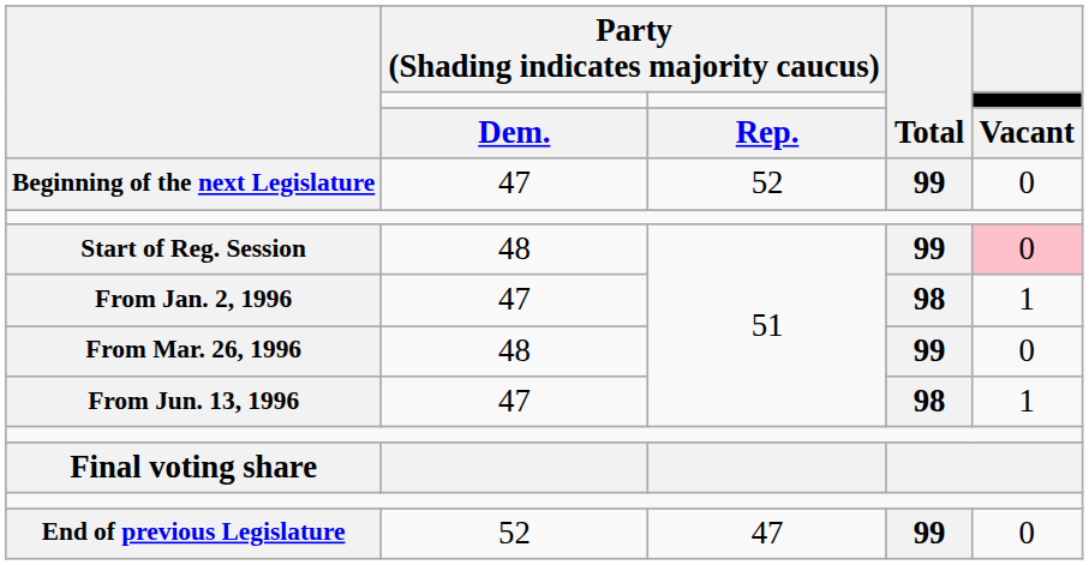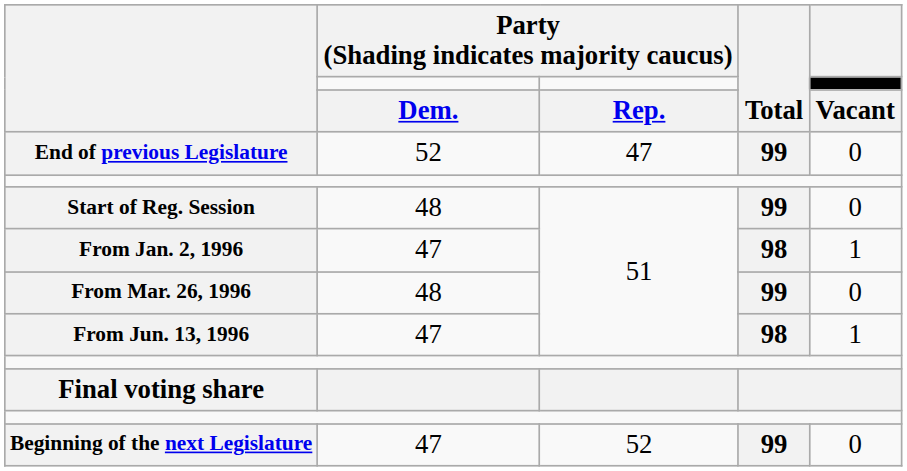 <table class=wikitable style="text-align:center">
 <tr style="vertical-align:bottom;">
 <th rowspan=3></th>
 <th colspan=2>Party <div>(Shading indicates majority caucus)</div></th>
 <th rowspan=3>Total</th>
 <th></th>
 </tr>
 <tr style="height:5px">
 <td style="background-color:"></td>
 <td style="background-color:"></td>
 <td style="background:black;"></td>
 </tr>
 <tr>
 <th><a href='#'>Dem.</a></th>
 <th><a href='#'>Rep.</a></th>
 <th>Vacant</th>
 </tr>
 <tr>
-<th style="font-size:80%;">Beginning of the <a href='#'>next Legislature</a></th>
+<th style="font-size:80%;">End of <a href='#'>previous Legislature</a></th>
+<td>52</td>
 <td>47</td>
-<td>52</td>
 <th>99</th>
 <td>0</td>
 </tr>
 <tr>
 <td colspan=5></td>
 </tr>
 <tr>
 <th style="font-size:80%;">Start of Reg. Session</th>
 <td>48</td>
 <td rowspan="4" >51</td>
 <th>99</th>
-<td style="background: pink;">0</td>
+<td>0</td>
 </tr>
 <tr>
 <th style="font-size:80%;">From Jan. 2, 1996</th>
 <td>47</td>
 <th>98</th>
 <td>1</td>
 </tr>
 <tr>
 <th style="font-size:80%;">From Mar. 26, 1996</th>
 <td>48</td>
 <th>99</th>
 <td>0</td>
 </tr>
 <tr>
 <th style="font-size:80%;">From Jun. 13, 1996</th>
 <td>47</td>
 <th>98</th>
 <td>1</td>
 </tr>
 <tr>
 <td colspan=5></td>
 </tr>
 <tr>
 <th>Final voting share</th>
 <th></th>
 <th></th>
 <th colspan=2></th>
 </tr>
 <tr>
 <td colspan=5></td>
 </tr>
 <tr>
-<th style="font-size:80%;">End of <a href='#'>previous Legislature</a></th>
+<th style="font-size:80%;">Beginning of the <a href='#'>next Legislature</a></th>
+<td>47</td>
 <td>52</td>
-<td>47</td>
 <th>99</th>
 <td>0</td>
 </tr>
 </table>
